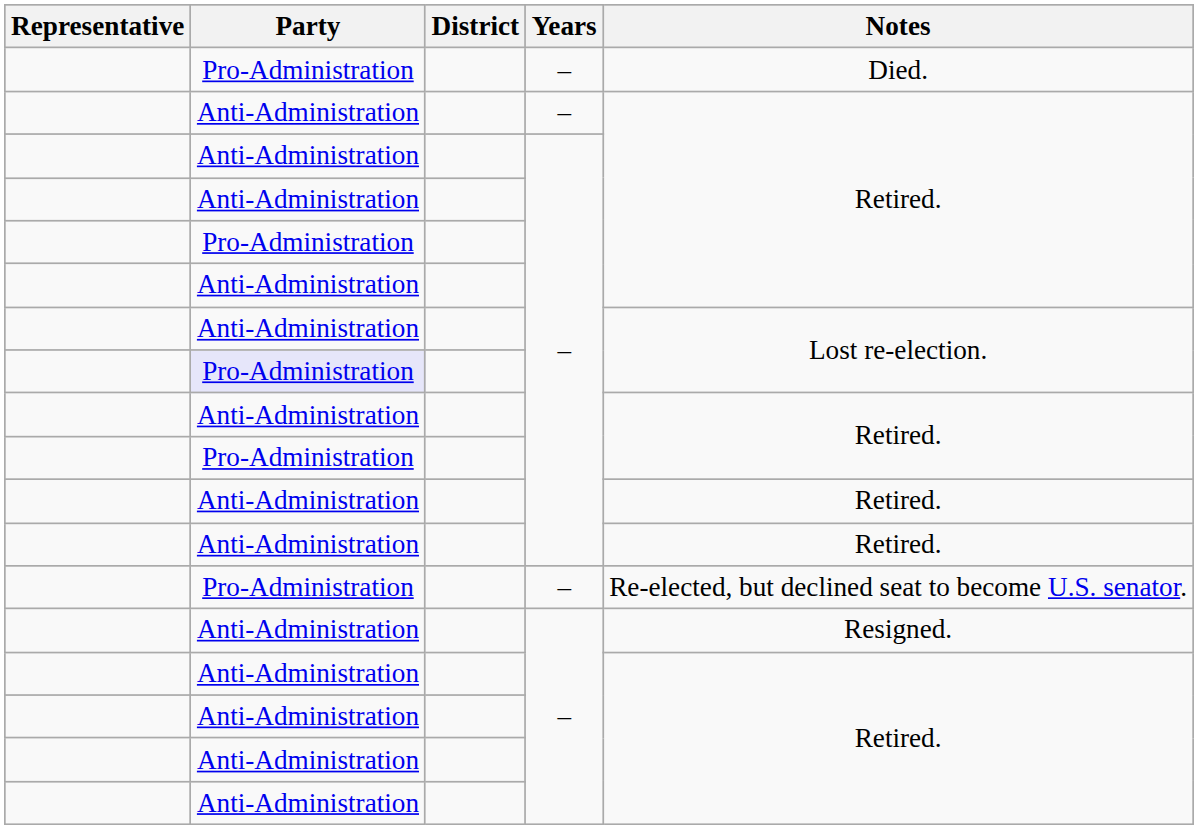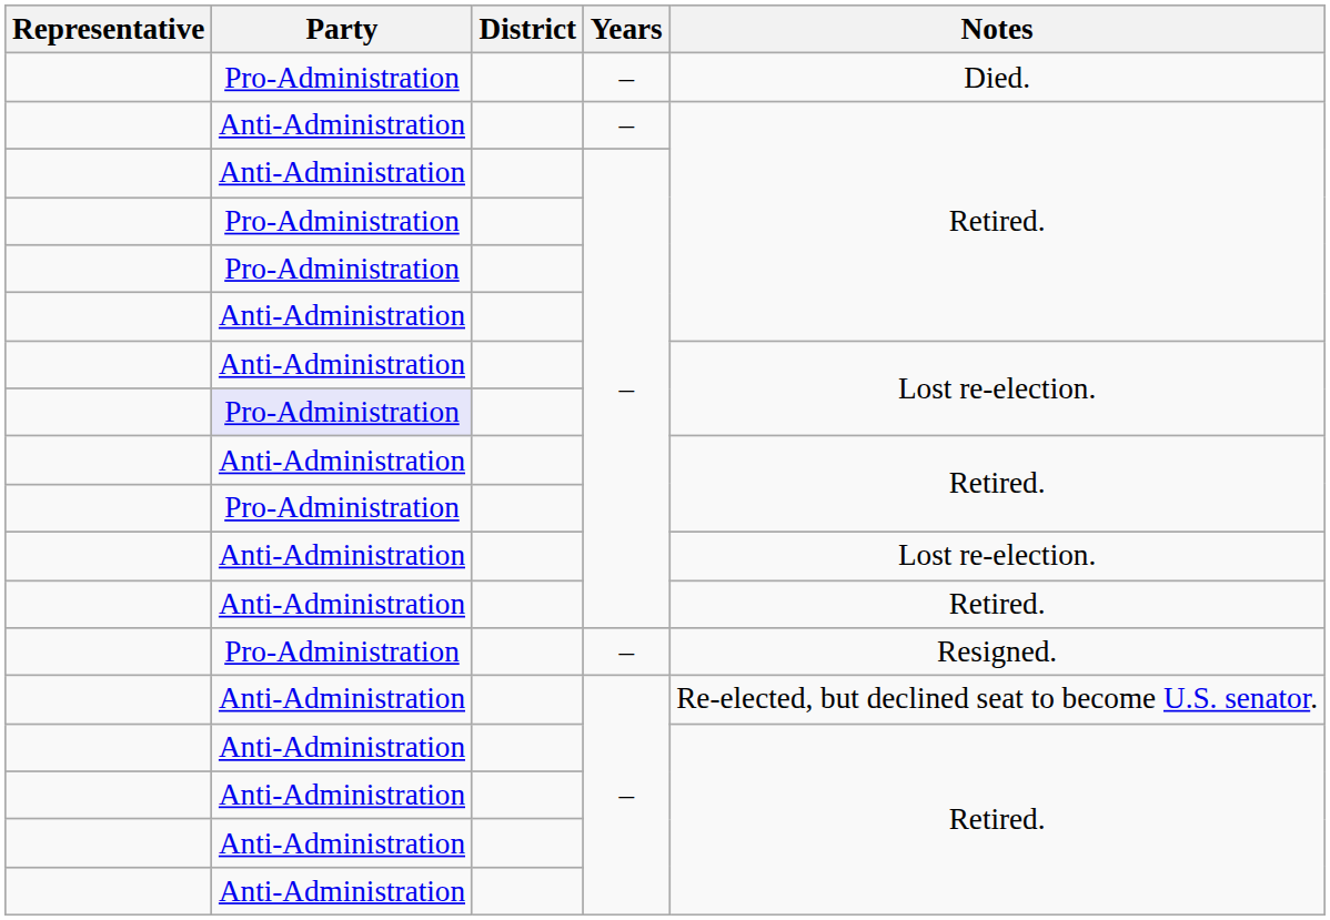 <table class="wikitable sortable" style="text-align:center">
 <tr valign=bottom>
 <th>Representative</th>
 <th>Party</th>
 <th>District</th>
 <th>Years</th>
 <th>Notes</th>
 </tr>
 <tr>
 <td align=left></td>
 <td><a href='#'>Pro-Administration</a></td>
 <td></td>
 <td nowrap> –<br></td>
 <td>Died.</td>
 </tr>
 <tr>
 <td align=left></td>
 <td><a href='#'>Anti-Administration</a></td>
 <td></td>
 <td nowrap> –<br></td>
 <td rowspan="5">Retired.</td>
 </tr>
 <tr>
 <td align=left></td>
 <td><a href='#'>Anti-Administration</a></td>
 <td></td>
 <td rowspan="10" nowrap=""> –<br></td>
 </tr>
 <tr>
 <td align=left></td>
-<td><a href='#'>Anti-Administration</a></td>
+<td><a href='#'>Pro-Administration</a></td>
 <td></td>
 </tr>
 <tr>
 <td align=left></td>
 <td><a href='#'>Pro-Administration</a></td>
 <td></td>
 </tr>
 <tr>
 <td align=left></td>
 <td><a href='#'>Anti-Administration</a></td>
 <td></td>
 </tr>
 <tr>
 <td align=left></td>
 <td><a href='#'>Anti-Administration</a></td>
 <td></td>
 <td rowspan="2">Lost re-election.</td>
 </tr>
 <tr>
 <td align=left></td>
 <td style="background: lavender;"><a href='#'>Pro-Administration</a></td>
 <td></td>
 </tr>
 <tr>
 <td align=left></td>
 <td><a href='#'>Anti-Administration</a></td>
 <td></td>
 <td rowspan="2">Retired.</td>
 </tr>
 <tr>
 <td align=left></td>
 <td><a href='#'>Pro-Administration</a></td>
 <td></td>
 </tr>
 <tr>
 <td align=left></td>
 <td><a href='#'>Anti-Administration</a></td>
 <td></td>
-<td>Retired.</td>
+<td>Lost re-election.</td>
 </tr>
 <tr>
 <td align=left></td>
 <td><a href='#'>Anti-Administration</a></td>
 <td></td>
 <td>Retired.</td>
 </tr>
 <tr>
 <td align=left></td>
 <td><a href='#'>Pro-Administration</a></td>
 <td></td>
 <td nowrap> –<br></td>
-<td>Re-elected, but declined seat to become <a href='#'>U.S. senator</a>.</td>
+<td>Resigned.</td>
 </tr>
 <tr>
 <td align=left></td>
 <td><a href='#'>Anti-Administration</a></td>
 <td></td>
 <td rowspan="5" nowrap=""> –<br></td>
-<td>Resigned.</td>
+<td>Re-elected, but declined seat to become <a href='#'>U.S. senator</a>.</td>
 </tr>
 <tr>
 <td align=left></td>
 <td><a href='#'>Anti-Administration</a></td>
 <td></td>
 <td rowspan="4">Retired.</td>
 </tr>
 <tr>
 <td align=left></td>
 <td><a href='#'>Anti-Administration</a></td>
 <td></td>
 </tr>
 <tr>
 <td align=left></td>
 <td><a href='#'>Anti-Administration</a></td>
 <td></td>
 </tr>
 <tr>
 <td align=left></td>
 <td><a href='#'>Anti-Administration</a></td>
 <td></td>
 </tr>
 </table>
